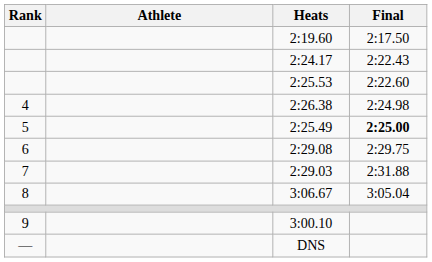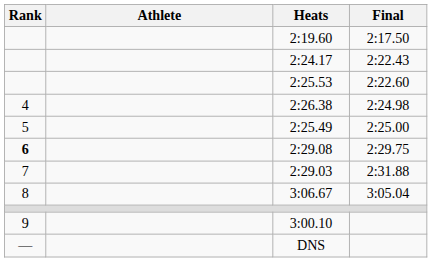 <table class=wikitable style="text-align:center">
 <tr>
 <th width=40>Rank</th>
 <th width=250>Athlete</th>
 <th width=80>Heats</th>
 <th width=80>Final</th>
 </tr>
 <tr>
 <td></td>
 <td align=left></td>
 <td>2:19.60</td>
 <td>2:17.50</td>
 </tr>
 <tr>
 <td></td>
 <td align=left></td>
 <td>2:24.17</td>
 <td>2:22.43</td>
 </tr>
 <tr>
 <td></td>
 <td align=left></td>
 <td>2:25.53</td>
 <td>2:22.60</td>
 </tr>
 <tr>
 <td>4</td>
 <td align=left></td>
 <td>2:26.38</td>
 <td>2:24.98</td>
 </tr>
 <tr>
 <td>5</td>
 <td align=left></td>
 <td>2:25.49</td>
-<td><strong>2:25.00</strong></td>
+<td>2:25.00</td>
 </tr>
 <tr>
-<td>6</td>
+<td><strong>6</strong></td>
 <td align=left></td>
 <td>2:29.08</td>
 <td>2:29.75</td>
 </tr>
 <tr>
 <td>7</td>
 <td align=left></td>
 <td>2:29.03</td>
 <td>2:31.88</td>
 </tr>
 <tr>
 <td>8</td>
 <td align=left></td>
 <td>3:06.67 </td>
 <td>3:05.04</td>
 </tr>
 <tr bgcolor=#DDDDDD>
 <td colspan=4></td>
 </tr>
 <tr>
 <td>9</td>
 <td align=left></td>
 <td>3:00.10 </td>
 <td></td>
 </tr>
 <tr>
 <td>—</td>
 <td align=left></td>
 <td>DNS</td>
 <td></td>
 </tr>
 </table>
